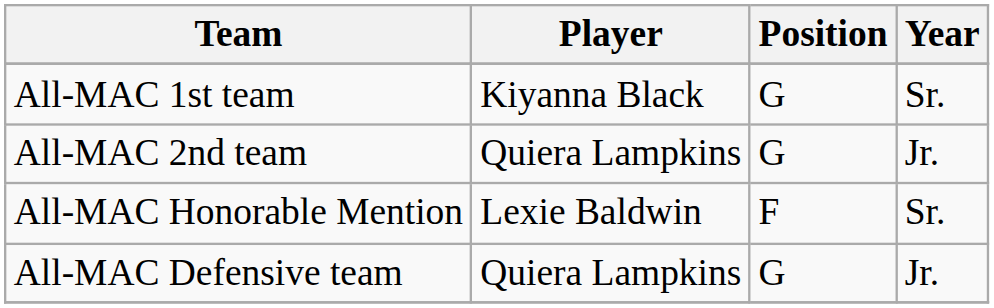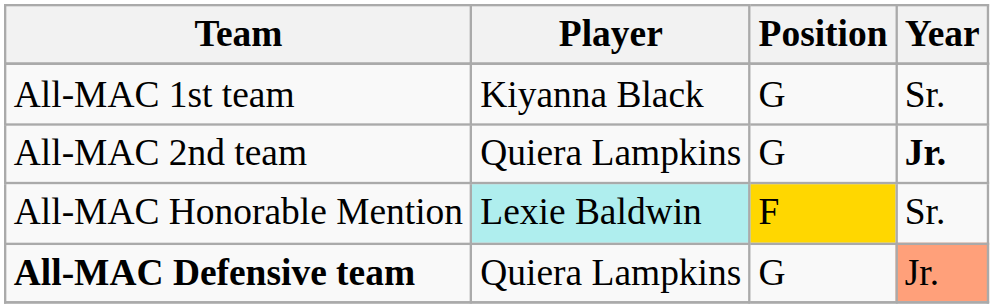 <table class="wikitable" border="1">
 <tr align=center>
 <th style= >Team</th>
 <th style= >Player</th>
 <th style= >Position</th>
 <th style= >Year</th>
 </tr>
 <tr align="center">
 </tr>
 <tr>
 <td>All-MAC 1st team</td>
 <td>Kiyanna Black</td>
 <td>G</td>
 <td>Sr.</td>
 </tr>
 <tr>
 <td>All-MAC 2nd team</td>
 <td>Quiera Lampkins</td>
 <td>G</td>
-<td>Jr.</td>
+<td><strong>Jr.</strong></td>
 </tr>
 <tr>
 <td>All-MAC Honorable Mention</td>
-<td>Lexie Baldwin</td>
-<td>F</td>
+<td style="background: paleturquoise;">Lexie Baldwin</td>
+<td style="background: gold;">F</td>
 <td>Sr.</td>
 </tr>
 <tr>
-<td>All-MAC Defensive team</td>
+<td><strong>All-MAC Defensive team</strong></td>
 <td>Quiera Lampkins</td>
 <td>G</td>
-<td>Jr.</td>
+<td style="background: lightsalmon;">Jr.</td>
 </tr>
 <tr>
 </tr>
 </table>
